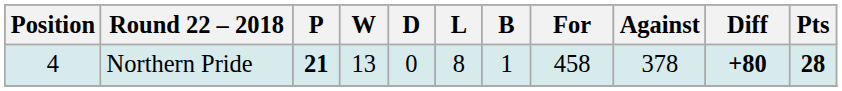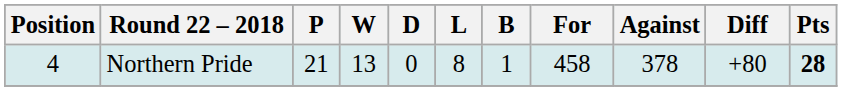 <table class="wikitable" style="text-align:center; font-size:85%;">
 <tr style="background: #d7ebed;">
 <th width="40" abbr="Position">Position</th>
 <th width="100">Round 22 – 2018</th>
 <th width="20" abbr="Played">P</th>
 <th width="20" abbr="Won">W</th>
 <th width="20" abbr="Drawn">D</th>
 <th width="20" abbr="Lost">L</th>
 <th width="20" abbr="Bye">B</th>
 <th width="40" abbr="Points for">For</th>
 <th width="40" abbr="Points against">Against</th>
 <th width="40" abbr="Points difference">Diff</th>
 <th width=20 abbr="Points">Pts</th>
 </tr>
 <tr style="background: #d7ebed;">
 <td>4</td>
 <td style="text-align:left;"> Northern Pride</td>
-<td><strong>21</strong></td>
+<td>21</td>
 <td>13</td>
 <td>0</td>
 <td>8</td>
 <td>1</td>
 <td>458</td>
 <td>378</td>
-<td><strong>+80</strong></td>
+<td>+80</td>
 <td><strong>28</strong></td>
 </tr>
 <tr>
 </tr>
 </table>
